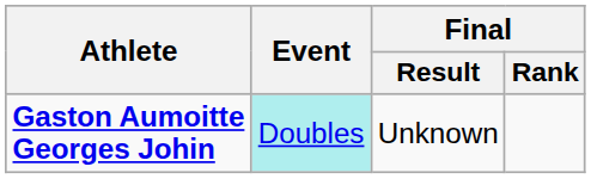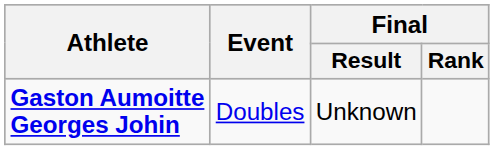 <table class=wikitable style="font-size:90%">
 <tr>
 <th rowspan="2">Athlete</th>
 <th rowspan="2">Event</th>
 <th colspan="2">Final</th>
 </tr>
 <tr style="font-size:95%">
 <th>Result</th>
 <th>Rank</th>
 </tr>
 <tr align=center>
 <td align="left"><strong><a href='#'>Gaston Aumoitte</a><br><a href='#'>Georges Johin</a></strong></td>
-<td align="left" style="background: paleturquoise;"><a href='#'>Doubles</a></td>
+<td align="left"><a href='#'>Doubles</a></td>
 <td>Unknown</td>
 <td></td>
 </tr>
 </table>
